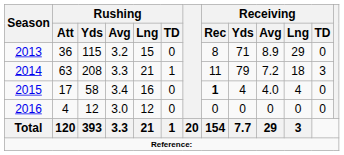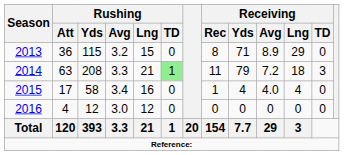 <table class=wikitable style="text-align:center;">
 <tr>
 <th rowspan=2>Season</th>
 <th colspan=5>Rushing</th>
 <th rowspan=6></th>
 <th colspan=5>Receiving</th>
 <th rowspan=6></th>
 </tr>
 <tr>
 <th>Att</th>
 <th>Yds</th>
 <th>Avg</th>
 <th>Lng</th>
 <th>TD</th>
 <th>Rec</th>
 <th>Yds</th>
 <th>Avg</th>
 <th>Lng</th>
 <th>TD</th>
 </tr>
 <tr>
 <td><a href='#'>2013</a></td>
 <td>36</td>
 <td>115</td>
 <td>3.2</td>
 <td>15</td>
 <td>0</td>
 <td>8</td>
 <td>71</td>
 <td>8.9</td>
 <td>29</td>
 <td>0</td>
 </tr>
 <tr>
 <td><a href='#'>2014</a></td>
 <td>63</td>
 <td>208</td>
 <td>3.3</td>
 <td>21</td>
-<td>1</td>
+<td style="background: lightgreen;">1</td>
 <td>11</td>
 <td>79</td>
 <td>7.2</td>
 <td>18</td>
 <td>3</td>
 </tr>
 <tr>
 <td><a href='#'>2015</a></td>
 <td>17</td>
 <td>58</td>
 <td>3.4</td>
 <td>16</td>
 <td>0</td>
-<td><strong>1</strong></td>
+<td>1</td>
 <td>4</td>
 <td>4.0</td>
 <td>4</td>
 <td>0</td>
 </tr>
 <tr>
 <td><a href='#'>2016</a></td>
 <td>4</td>
 <td>12</td>
 <td>3.0</td>
 <td>12</td>
 <td>0</td>
 <td>0</td>
 <td>0</td>
 <td>0</td>
 <td>0</td>
 <td>0</td>
 </tr>
 <tr>
 <th>Total</th>
 <th>120</th>
 <th>393</th>
 <th>3.3</th>
 <th>21</th>
 <th>1</th>
 <th>20</th>
 <th>154</th>
 <th>7.7</th>
 <th>29</th>
 <th>3</th>
 </tr>
 <tr>
 <td colspan="16" style="font-size: 8pt" align="center"><strong>Reference:</strong></td>
 </tr>
 </table>
